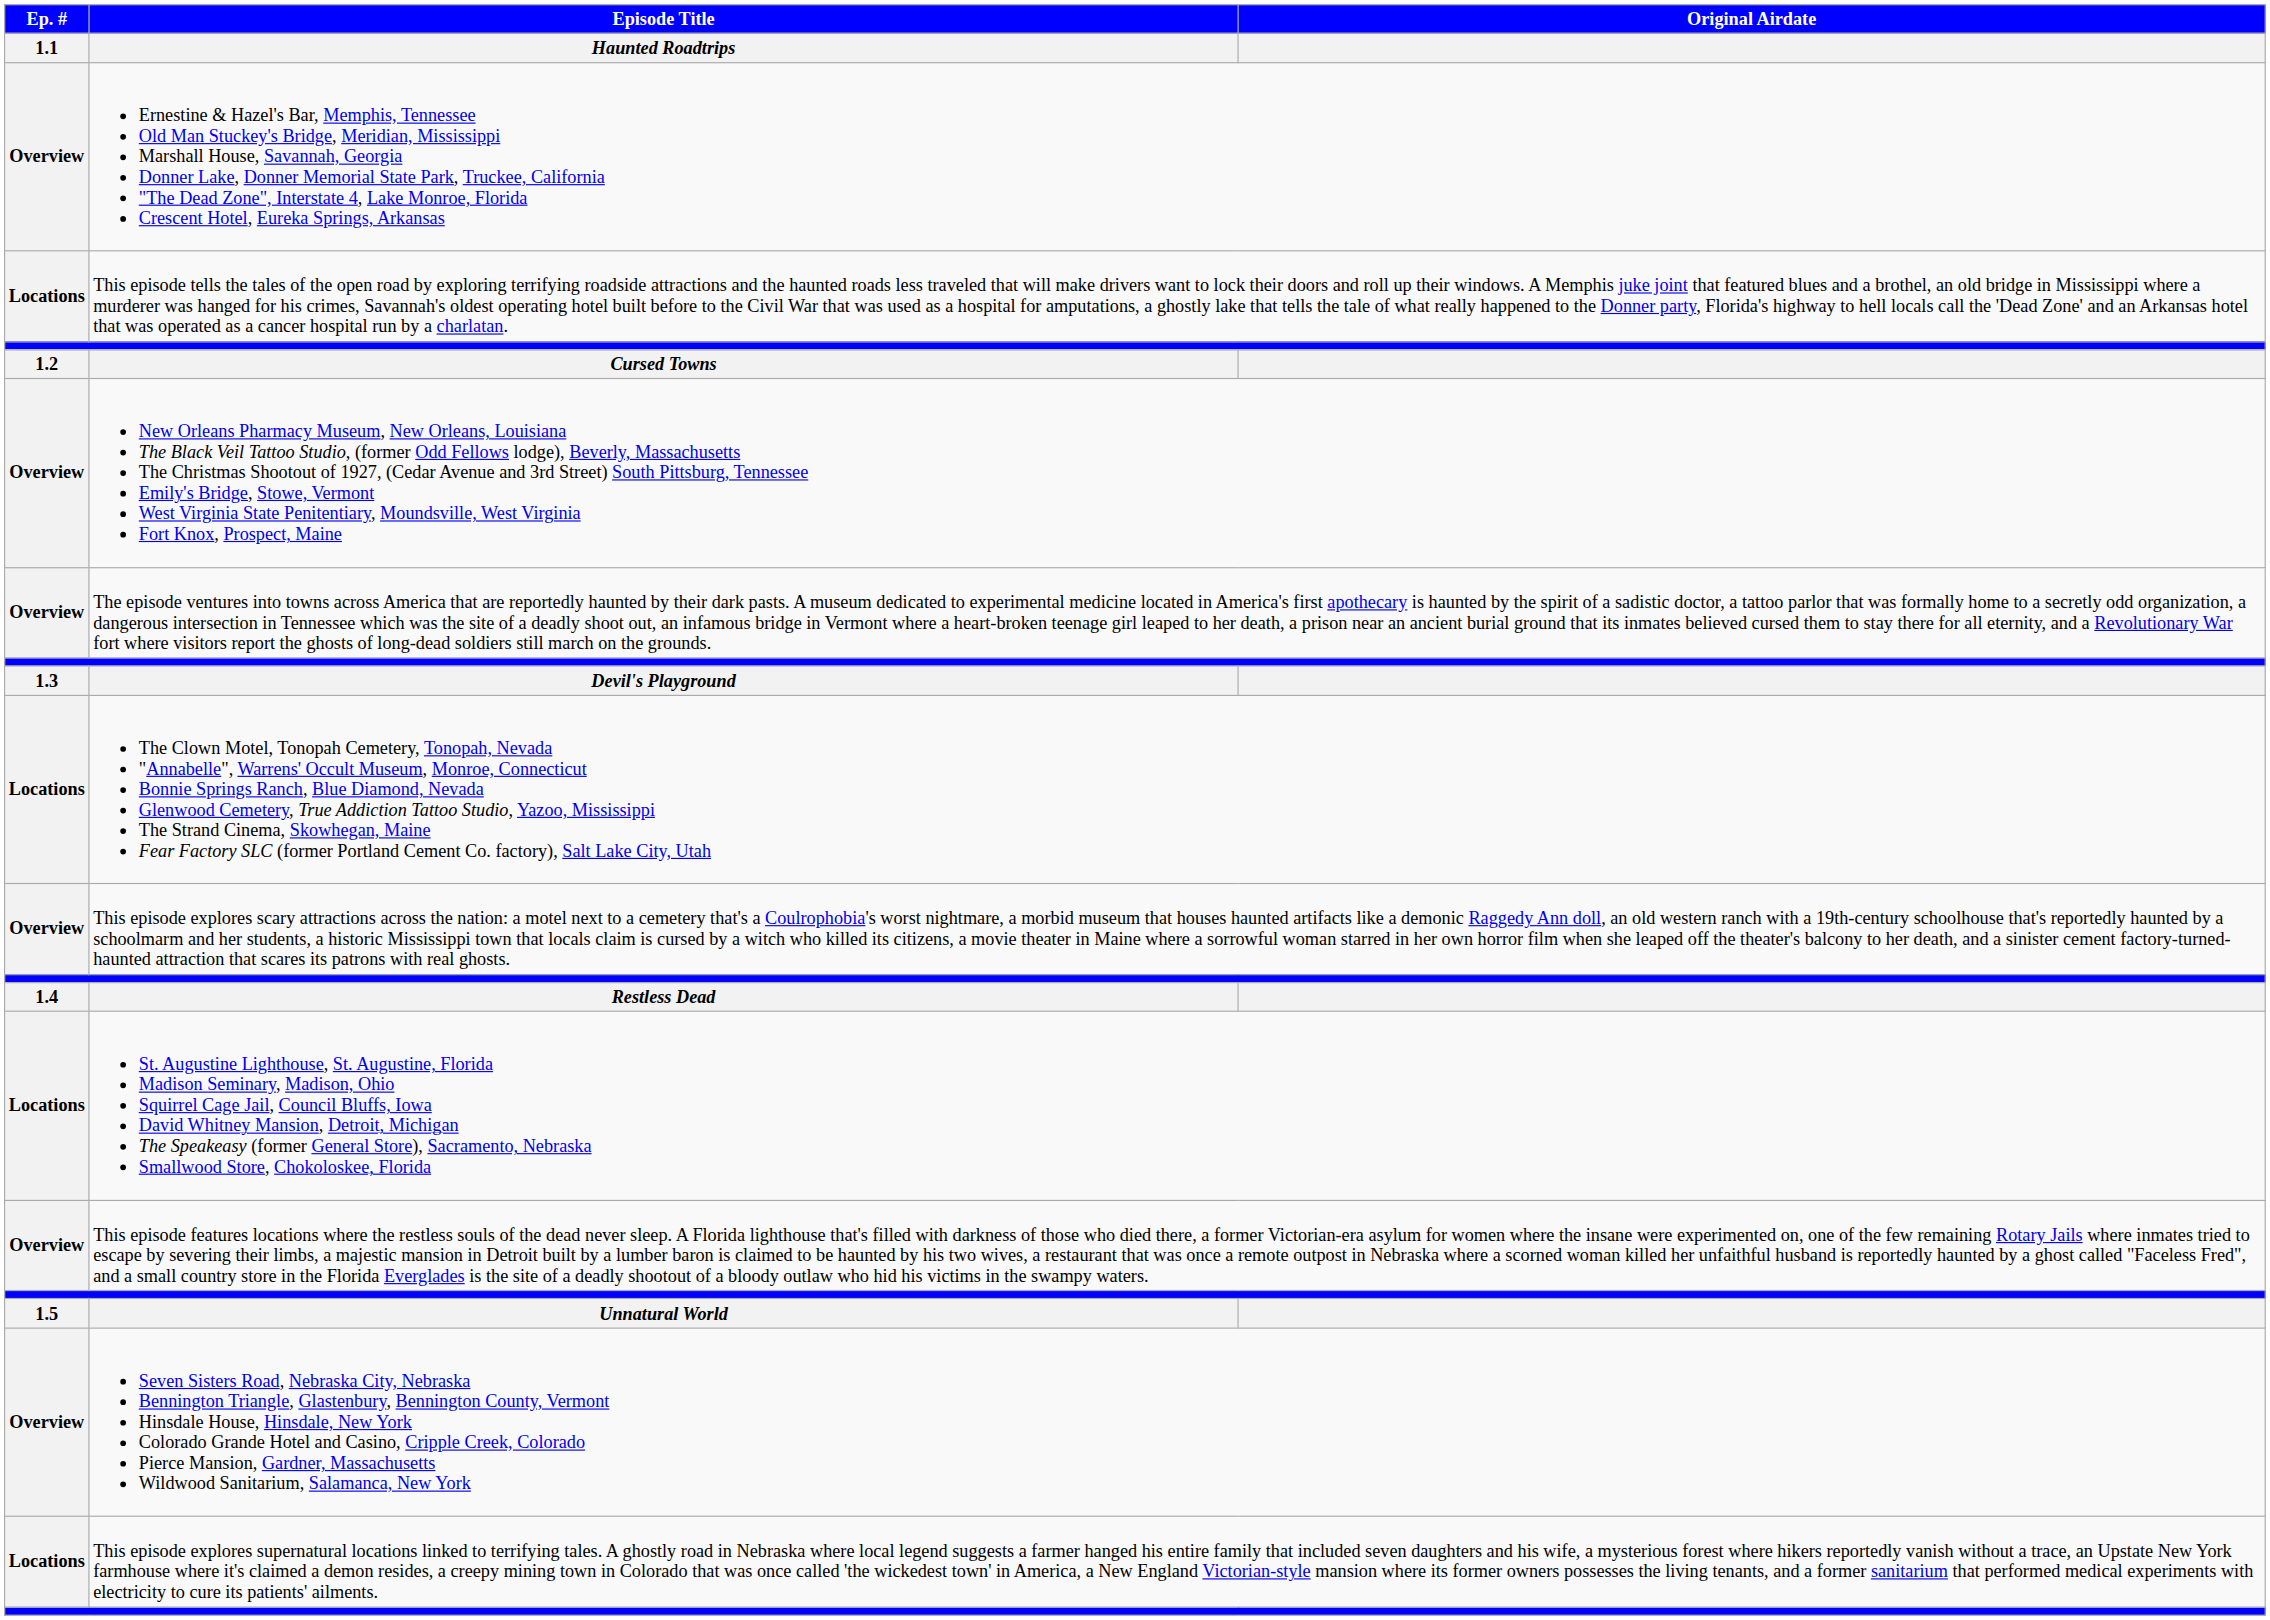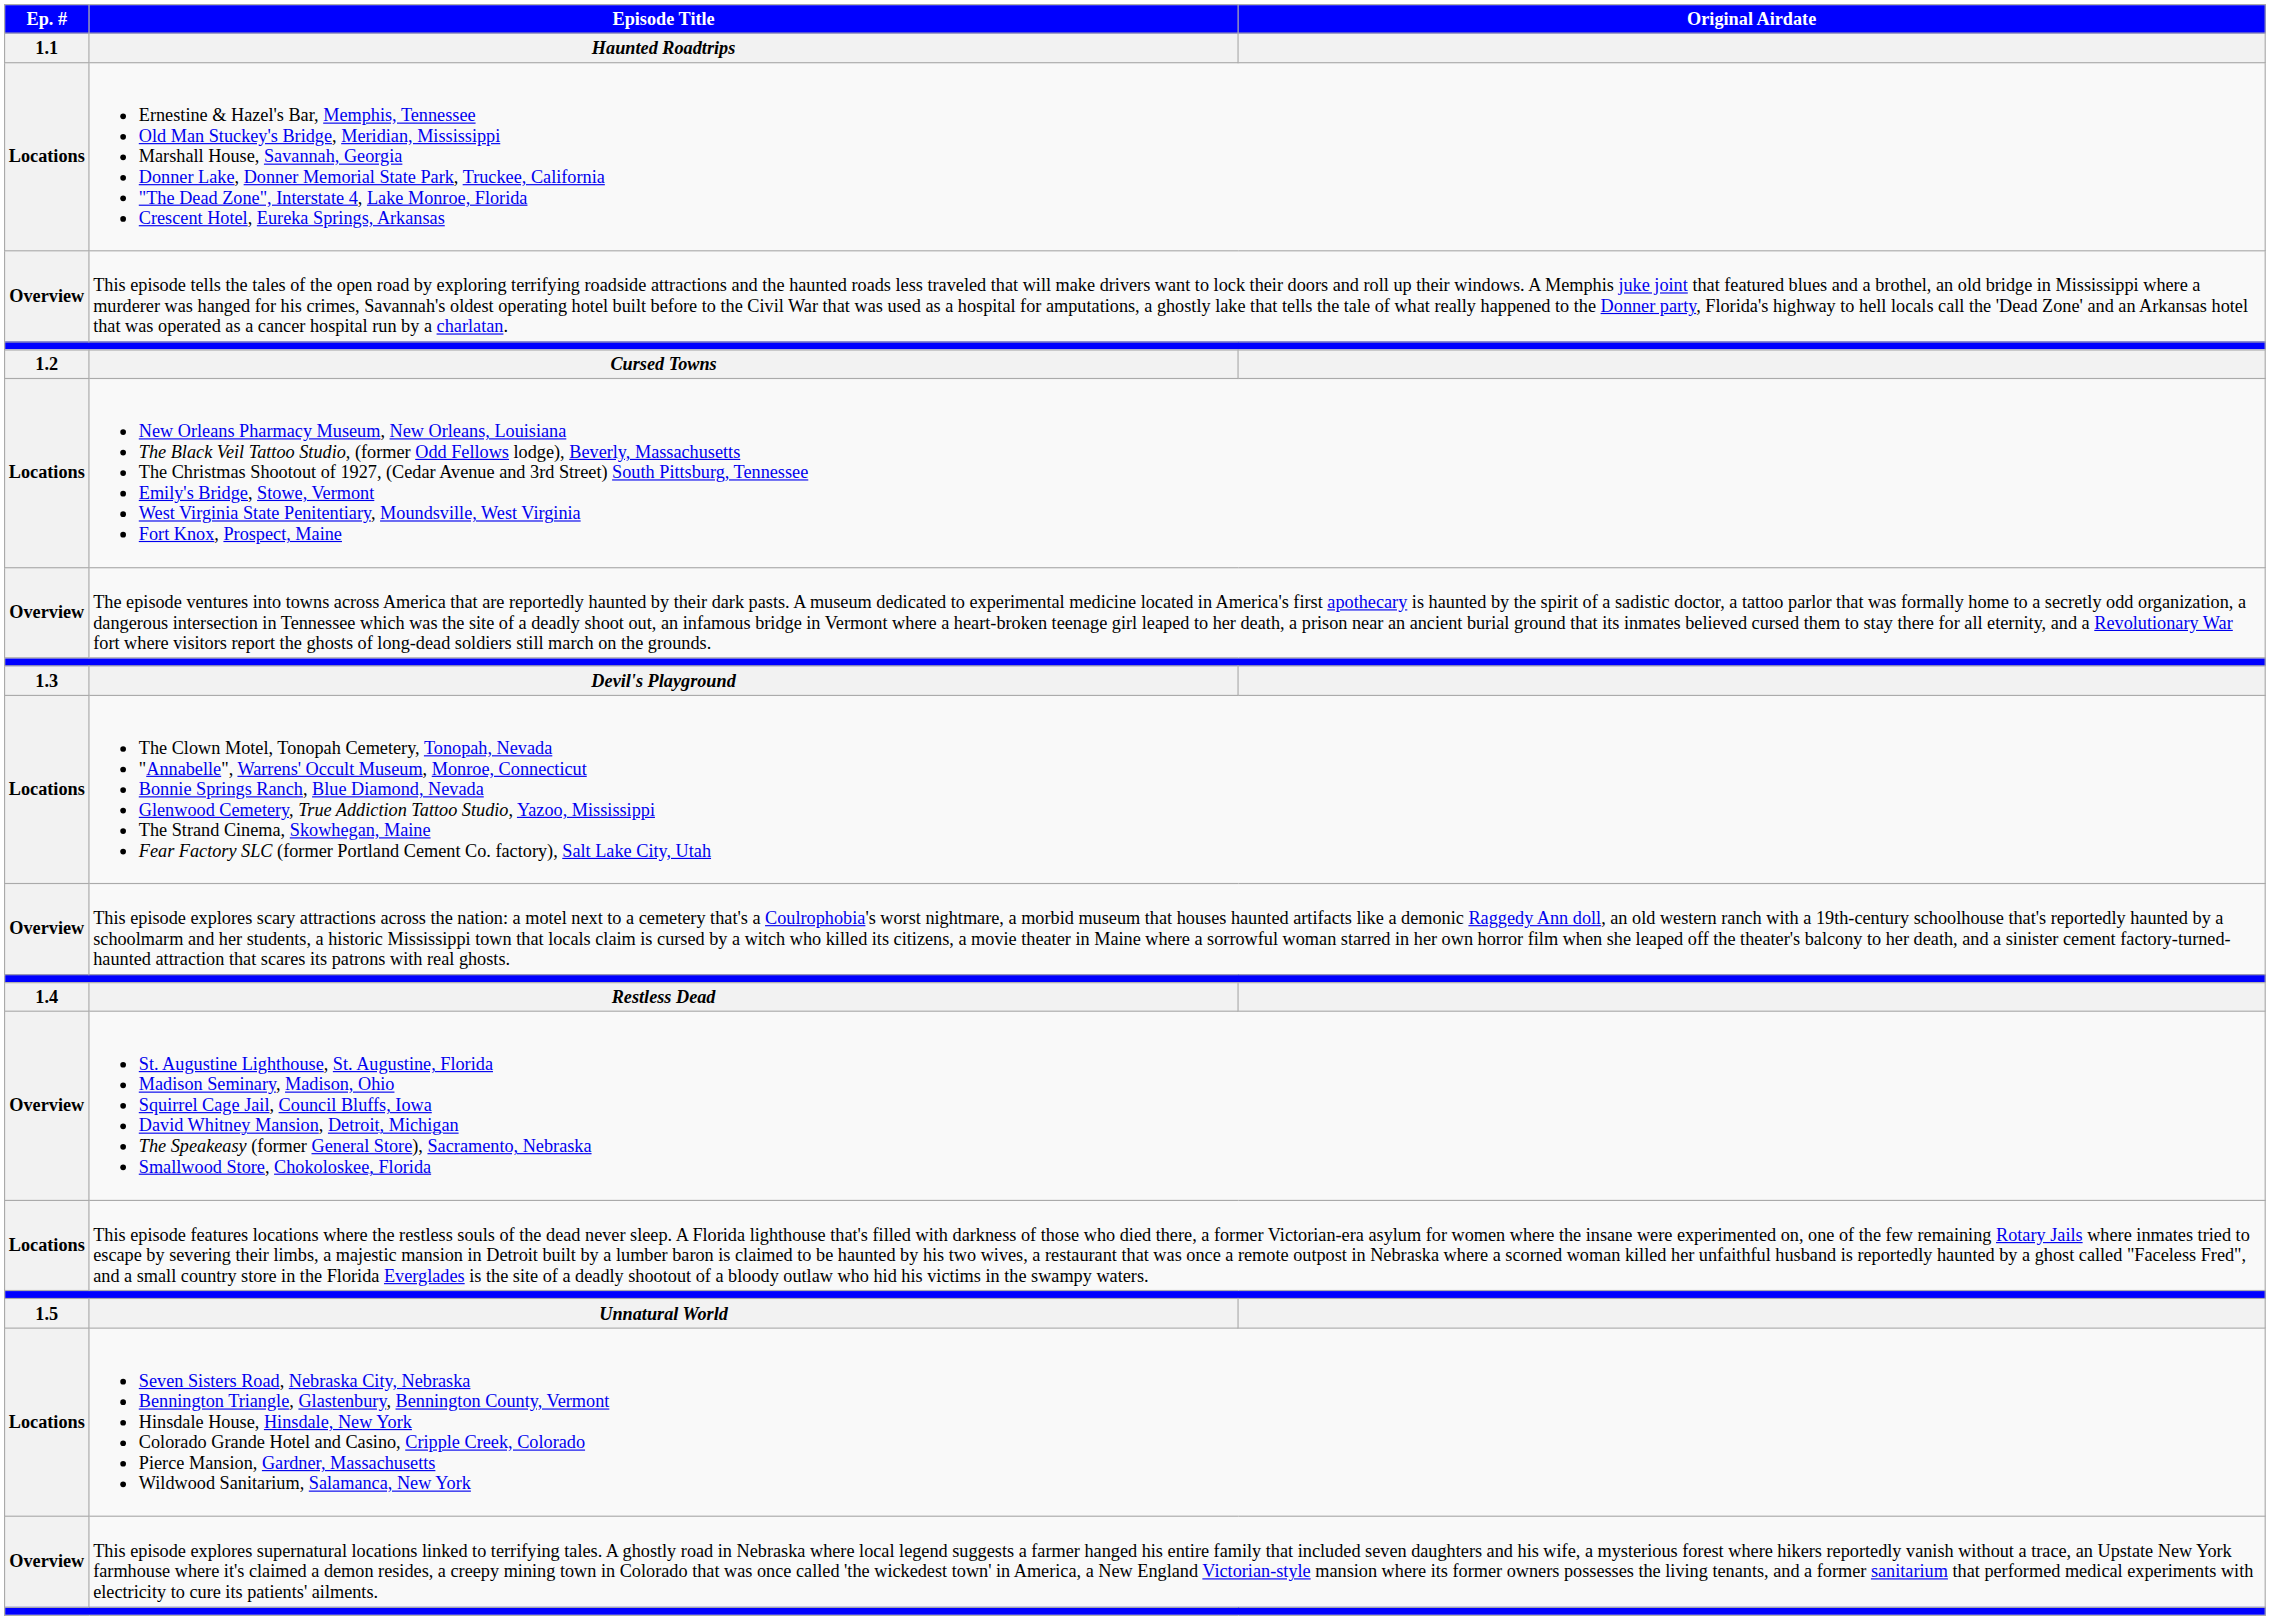 <table class="wikitable" style="width:100%;">
 <tr>
 <th style="background:blue;color: white;">Ep. #</th>
 <th style="background:blue;color: white;">Episode Title</th>
 <th style="background:blue;color: white;">Original Airdate</th>
 </tr>
 <tr>
 <th>1.1</th>
 <th><em>Haunted Roadtrips</em></th>
 <th></th>
 </tr>
 <tr>
-<th>Overview</th>
+<th>Locations</th>
 <td colspan="5"><br><ul><li>Ernestine & Hazel's Bar, <a href='#'>Memphis, Tennessee</a></li><li><a href='#'>Old Man Stuckey's Bridge</a>, <a href='#'>Meridian, Mississippi</a></li><li>Marshall House, <a href='#'>Savannah, Georgia</a></li><li><a href='#'>Donner Lake</a>, <a href='#'>Donner Memorial State Park</a>, <a href='#'>Truckee, California</a></li><li><a href='#'>"The Dead Zone", Interstate 4</a>, <a href='#'>Lake Monroe, Florida</a></li><li><a href='#'>Crescent Hotel</a>, <a href='#'>Eureka Springs, Arkansas</a></li></ul></td>
 </tr>
 <tr>
-<th>Locations</th>
+<th>Overview</th>
 <td colspan="3"><br>This episode tells the tales of the open road by exploring terrifying roadside attractions and the haunted roads less traveled that will make drivers want to lock their doors and roll up their windows. A Memphis <a href='#'>juke joint</a> that featured blues and a brothel, an old bridge in Mississippi where a murderer was hanged for his crimes, Savannah's oldest operating hotel built before to the Civil War that was used as a hospital for amputations, a ghostly lake that tells the tale of what really happened to the <a href='#'>Donner party</a>, Florida's highway to hell locals call the 'Dead Zone' and an Arkansas hotel that was operated as a cancer hospital run by a <a href='#'>charlatan</a>.</td>
 </tr>
 <tr>
 <td colspan="3" style="background:blue;"></td>
 </tr>
 <tr mass>
 <th>1.2</th>
 <th><em>Cursed Towns</em></th>
 <th></th>
 </tr>
 <tr>
-<th>Overview</th>
+<th>Locations</th>
 <td colspan="5"><br><ul><li><a href='#'>New Orleans Pharmacy Museum</a>, <a href='#'>New Orleans, Louisiana</a></li><li><em>The Black Veil Tattoo Studio</em>, (former <a href='#'>Odd Fellows</a> lodge), <a href='#'>Beverly, Massachusetts</a></li><li>The Christmas Shootout of 1927, (Cedar Avenue and 3rd Street) <a href='#'>South Pittsburg, Tennessee</a></li><li><a href='#'>Emily's Bridge</a>, <a href='#'>Stowe, Vermont</a></li><li><a href='#'>West Virginia State Penitentiary</a>, <a href='#'>Moundsville, West Virginia</a></li><li><a href='#'>Fort Knox</a>, <a href='#'>Prospect, Maine</a></li></ul></td>
 </tr>
 <tr>
 <th>Overview</th>
 <td colspan="3"><br>The episode ventures into towns across America that are reportedly haunted by their dark pasts. A museum dedicated to experimental medicine located in America's first <a href='#'>apothecary</a> is haunted by the spirit of a sadistic doctor, a tattoo parlor that was formally home to a secretly odd organization, a dangerous intersection in Tennessee which was the site of a deadly shoot out, an infamous bridge in Vermont where a heart-broken teenage girl leaped to her death, a prison near an ancient burial ground that its inmates believed cursed them to stay there for all eternity, and a <a href='#'>Revolutionary War</a> fort where visitors report the ghosts of long-dead soldiers still march on the grounds.</td>
 </tr>
 <tr>
 <td colspan="3" style="background:blue;"></td>
 </tr>
 <tr>
 <th>1.3</th>
 <th><em>Devil's Playground</em></th>
 <th></th>
 </tr>
 <tr>
 <th>Locations</th>
 <td colspan="5"><br><ul><li>The Clown Motel, Tonopah Cemetery, <a href='#'>Tonopah, Nevada</a></li><li>"<a href='#'>Annabelle</a>", <a href='#'>Warrens' Occult Museum</a>, <a href='#'>Monroe, Connecticut</a></li><li><a href='#'>Bonnie Springs Ranch</a>, <a href='#'>Blue Diamond, Nevada</a></li><li><a href='#'>Glenwood Cemetery</a>, <em>True Addiction Tattoo Studio</em>, <a href='#'>Yazoo, Mississippi</a></li><li>The Strand Cinema, <a href='#'>Skowhegan, Maine</a></li><li><em>Fear Factory SLC</em> (former Portland Cement Co. factory), <a href='#'>Salt Lake City, Utah</a></li></ul></td>
 </tr>
 <tr>
 <th>Overview</th>
 <td colspan="3"><br>This episode explores scary attractions across the nation: a motel next to a cemetery that's a <a href='#'>Coulrophobia</a>'s worst nightmare, a morbid museum that houses haunted artifacts like a demonic <a href='#'>Raggedy Ann doll</a>, an old western ranch with a 19th-century schoolhouse that's reportedly haunted by a schoolmarm and her students, a historic Mississippi town that locals claim is cursed by a witch who killed its citizens, a movie theater in Maine where a sorrowful woman starred in her own horror film when she leaped off the theater's balcony to her death, and a sinister cement factory-turned-haunted attraction that scares its patrons with real ghosts.</td>
 </tr>
 <tr>
 <td colspan="3" style="background:blue;"></td>
 </tr>
 <tr>
 <th>1.4</th>
 <th><em>Restless Dead</em></th>
 <th></th>
 </tr>
 <tr>
-<th>Locations</th>
+<th>Overview</th>
 <td colspan="5"><br><ul><li><a href='#'>St. Augustine Lighthouse</a>, <a href='#'>St. Augustine, Florida</a></li><li><a href='#'>Madison Seminary</a>, <a href='#'>Madison, Ohio</a></li><li><a href='#'>Squirrel Cage Jail</a>, <a href='#'>Council Bluffs, Iowa</a></li><li><a href='#'>David Whitney Mansion</a>, <a href='#'>Detroit, Michigan</a></li><li><em>The Speakeasy</em> (former <a href='#'>General Store</a>), <a href='#'>Sacramento, Nebraska</a></li><li><a href='#'>Smallwood Store</a>, <a href='#'>Chokoloskee, Florida</a></li></ul></td>
 </tr>
 <tr>
-<th>Overview</th>
+<th>Locations</th>
 <td colspan="3"><br>This episode features locations where the restless souls of the dead never sleep. A Florida lighthouse that's filled with darkness of those who died there, a former Victorian-era asylum for women where the insane were experimented on, one of the few remaining <a href='#'>Rotary Jails</a> where inmates tried to escape by severing their limbs, a majestic mansion in Detroit built by a lumber baron is claimed to be haunted by his two wives, a restaurant that was once a remote outpost in Nebraska where a scorned woman killed her unfaithful husband is reportedly haunted by a ghost called "Faceless Fred", and a small country store in the Florida <a href='#'>Everglades</a> is the site of a deadly shootout of a bloody outlaw who hid his victims in the swampy waters.</td>
 </tr>
 <tr>
 <td colspan="3" style="background:blue;"></td>
 </tr>
 <tr>
 <th>1.5</th>
 <th><em>Unnatural World</em></th>
 <th></th>
 </tr>
 <tr>
-<th>Overview</th>
+<th>Locations</th>
 <td colspan="5"><br><ul><li><a href='#'>Seven Sisters Road</a>, <a href='#'>Nebraska City, Nebraska</a></li><li><a href='#'>Bennington Triangle</a>, <a href='#'>Glastenbury</a>, <a href='#'>Bennington County, Vermont</a></li><li>Hinsdale House, <a href='#'>Hinsdale, New York</a></li><li>Colorado Grande Hotel and Casino, <a href='#'>Cripple Creek, Colorado</a></li><li>Pierce Mansion, <a href='#'>Gardner, Massachusetts</a></li><li>Wildwood Sanitarium, <a href='#'>Salamanca, New York</a></li></ul></td>
 </tr>
 <tr>
-<th>Locations</th>
+<th>Overview</th>
 <td colspan="3"><br>This episode explores supernatural locations linked to terrifying tales. A ghostly road in Nebraska where local legend suggests a farmer hanged his entire family that included seven daughters and his wife, a mysterious forest where hikers reportedly vanish without a trace, an Upstate New York farmhouse where it's claimed a demon resides, a creepy mining town in Colorado that was once called 'the wickedest town' in America, a New England <a href='#'>Victorian-style</a> mansion where its former owners possesses the living tenants, and a former <a href='#'>sanitarium</a> that performed medical experiments with electricity to cure its patients' ailments.</td>
 </tr>
 <tr>
 <td colspan="3" style="background:blue;"></td>
 </tr>
 </table>
